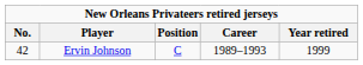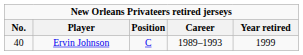 <table class="wikitable" style="text-align:center">
 <tr>
 <td colspan="5"><strong>New Orleans Privateers retired jerseys</strong></td>
 </tr>
 <tr>
 <th width=40px>No.</th>
 <th width=150px>Player</th>
 <th width=25px>Position</th>
 <th width=100px>Career</th>
 <th width=100px>Year retired</th>
 </tr>
 <tr>
-<td>42</td>
+<td>40</td>
 <td><a href='#'>Ervin Johnson</a></td>
 <td><a href='#'>C</a></td>
 <td>1989–1993</td>
 <td>1999</td>
 </tr>
 </table>
